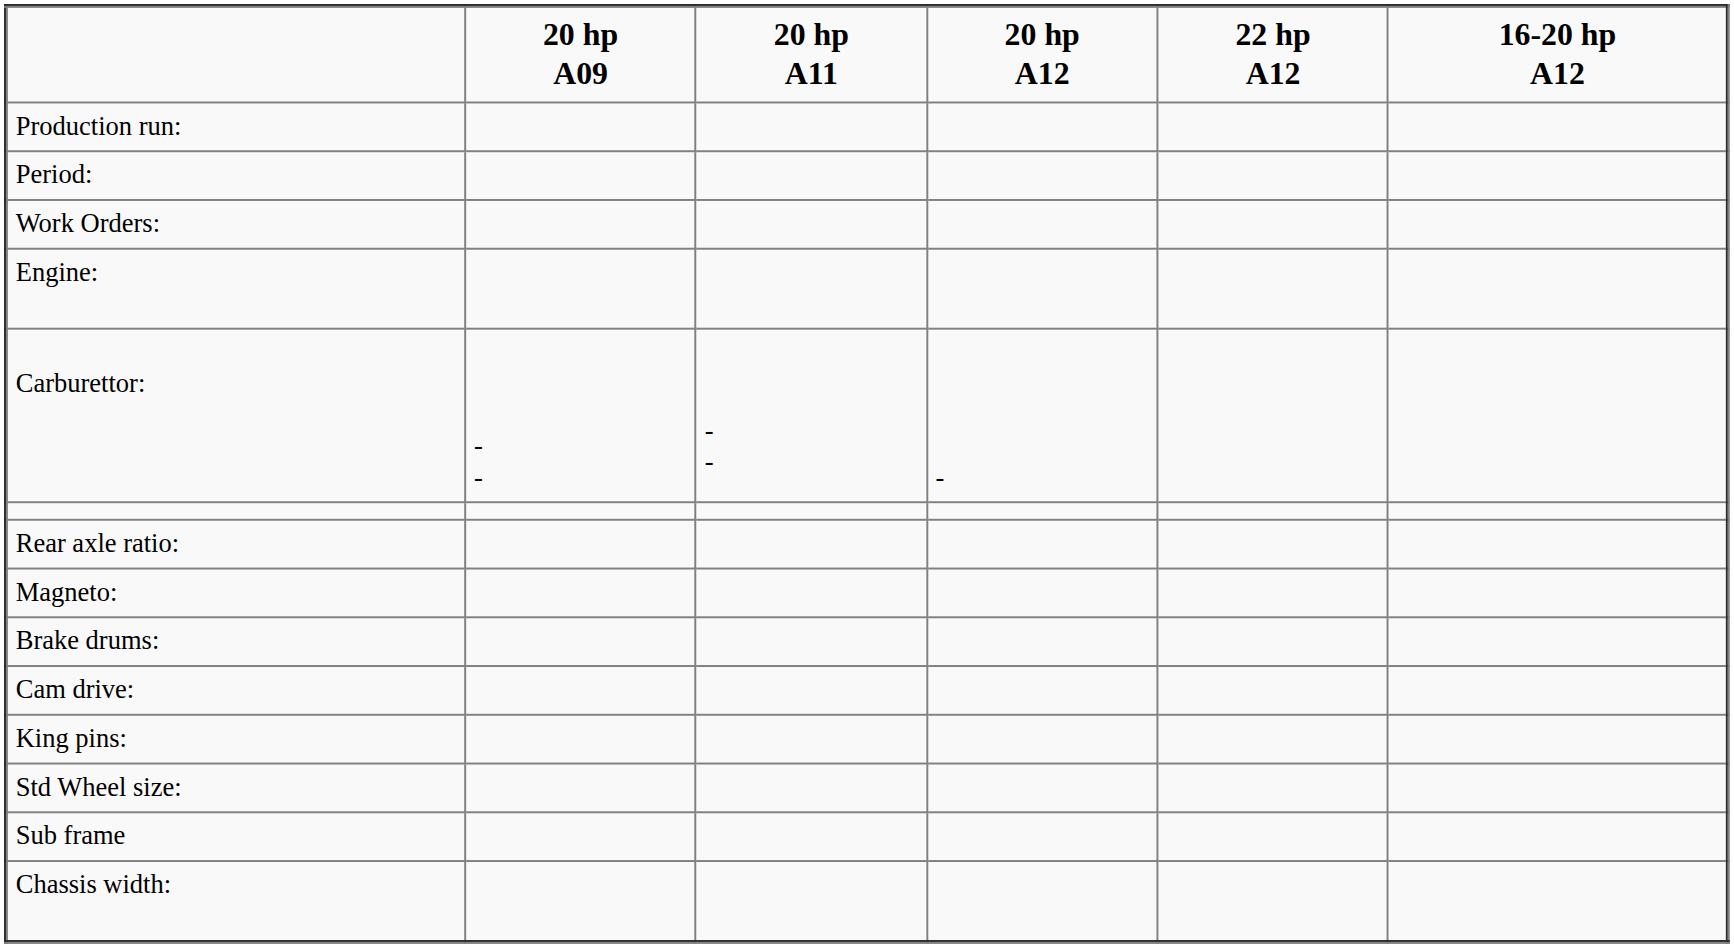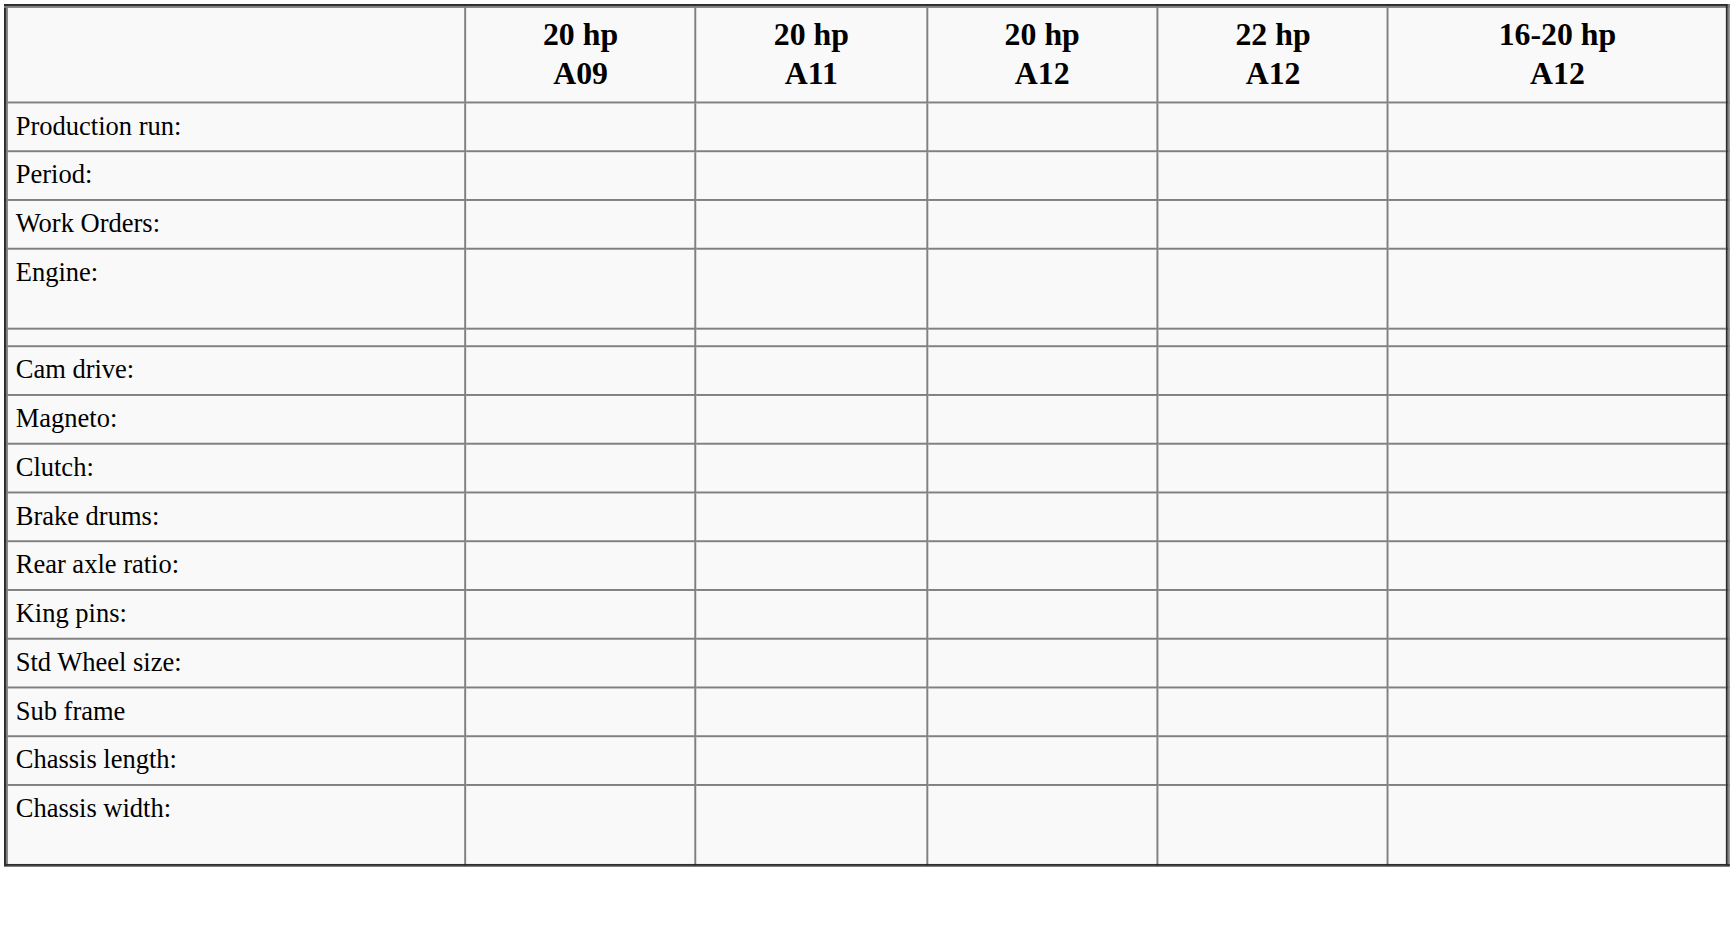 <table border="2" cellpadding="4" cellspacing="0" border=" 1px #aaa solid" style="margin: 1em 1em 1em 0; background: #f9f9f9; border-collapse: collapse; font-size: 85%; width:70%">
 <tr ---->
 <th></th>
 <th><big>20 hp<br>A09</big></th>
 <th><big>20 hp<br>A11</big></th>
 <th><big>20 hp<br>A12</big></th>
 <th><big>22 hp<br>A12</big></th>
 <th><big>16-20 hp<br>A12</big></th>
 </tr>
 <tr>
 <td>Production run:</td>
 <td></td>
 <td></td>
 <td></td>
 <td></td>
 <td></td>
 </tr>
 <tr>
 <td>Period:</td>
 <td></td>
 <td></td>
 <td></td>
 <td></td>
 <td></td>
 </tr>
 <tr>
 <td>Work Orders:</td>
 <td></td>
 <td></td>
 <td></td>
 <td></td>
 <td></td>
 </tr>
 <tr>
 <td>Engine:<br><br></td>
 <td><br></td>
 <td><br><br></td>
 <td><br><br></td>
 <td><br><br></td>
 <td><br><br></td>
 </tr>
 <tr>
-<td>Carburettor:<br><br><br></td>
-<td><br><br><br>-<br>-</td>
-<td><br> <br>-<br>-</td>
-<td><br><br><br><br>-</td>
-<td></td>
-<td><br><br><br></td>
-</tr>
-<tr>
 <td></td>
 <td></td>
 <td></td>
 <td></td>
 <td></td>
 <td></td>
 </tr>
 <tr>
-<td>Rear axle ratio:</td>
+<td>Cam drive:</td>
 <td></td>
 <td></td>
 <td></td>
 <td></td>
 <td></td>
 </tr>
 <tr>
 <td>Magneto:</td>
 <td></td>
 <td></td>
 <td></td>
 <td></td>
 <td></td>
 </tr>
 <tr>
+<td>Clutch:</td>
+<td></td>
+<td></td>
+<td></td>
+<td></td>
+<td></td>
+</tr>
+<tr>
 <td>Brake drums:</td>
 <td></td>
 <td></td>
 <td></td>
 <td></td>
 <td></td>
 </tr>
 <tr>
-<td>Cam drive:</td>
+<td>Rear axle ratio:</td>
 <td></td>
 <td></td>
 <td></td>
 <td></td>
 <td></td>
 </tr>
 <tr>
 <td>King pins:</td>
 <td></td>
 <td></td>
 <td></td>
 <td></td>
 <td></td>
 </tr>
 <tr>
 <td>Std Wheel size:</td>
 <td></td>
 <td></td>
 <td></td>
 <td></td>
 <td></td>
 </tr>
 <tr>
 <td>Sub frame</td>
 <td></td>
 <td></td>
 <td></td>
 <td></td>
 <td></td>
 </tr>
 <tr>
+<td>Chassis length:</td>
+<td></td>
+<td></td>
+<td></td>
+<td></td>
+<td></td>
+</tr>
+<tr>
 <td>Chassis width:<br><br></td>
 <td><br> </td>
 <td><br> </td>
 <td><br> </td>
 <td></td>
 <td><br> </td>
 </tr>
 </table>
